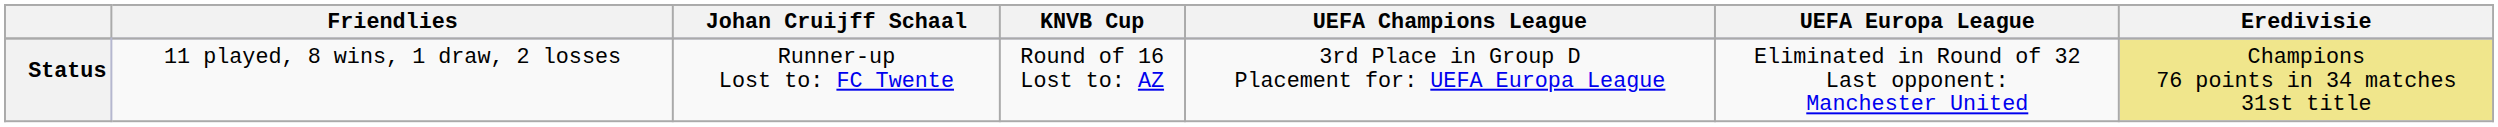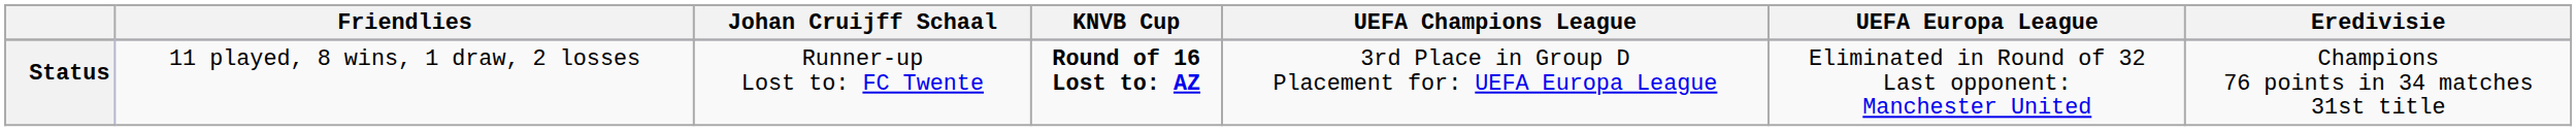 <table class="wikitable" style="width:100%; font-size:85%;">
 <tr>
 <th></th>
 <th style="border-bottom:1px solid #B5B7CF;">Friendlies</th>
 <th style="border-bottom:1px solid #B5B7CF;">Johan Cruijff Schaal</th>
 <th style="border-bottom:1px solid #B5B7CF;">KNVB Cup</th>
 <th style="border-bottom:1px solid #B5B7CF;">UEFA Champions League</th>
 <th style="border-bottom:1px solid #B5B7CF;">UEFA Europa League</th>
 <th style="border-bottom:1px solid #B5B7CF;">Eredivisie</th>
 </tr>
 <tr>
 </tr>
 <tr style="font-size:100%;" valign="top">
 <th style="border-right:1px solid #B5B7CF;text-align:right;padding-top:10px;">Status</th>
 <td align=center>11 played, 8 wins, 1 draw, 2 losses</td>
 <td align=center>Runner-up<br>Lost to: <a href='#'>FC Twente</a></td>
-<td align=center>Round of 16<br>Lost to: <a href='#'>AZ</a></td>
+<td align=center><strong>Round of 16<br>Lost to: <a href='#'>AZ</a></strong></td>
 <td align=center>3rd Place in Group D<br>Placement for: <a href='#'>UEFA Europa League</a></td>
 <td align=center>Eliminated in Round of 32<br>Last opponent:<br><a href='#'>Manchester United</a></td>
-<td align=center style="background: khaki;">Champions<br>76 points in 34 matches<br>31st title</td>
+<td align=center>Champions<br>76 points in 34 matches<br>31st title</td>
 </tr>
 </table>
